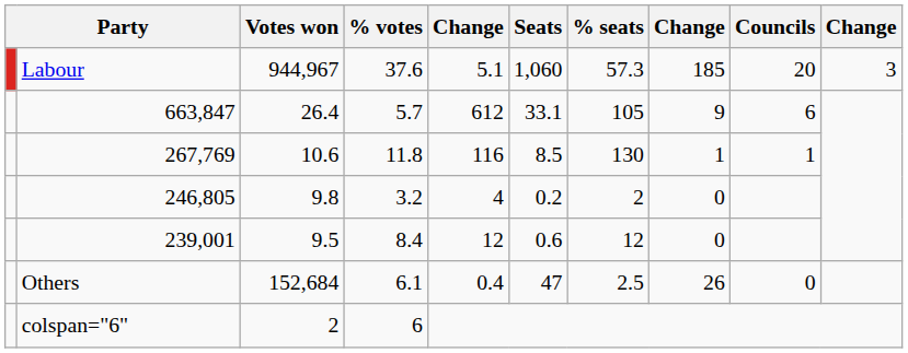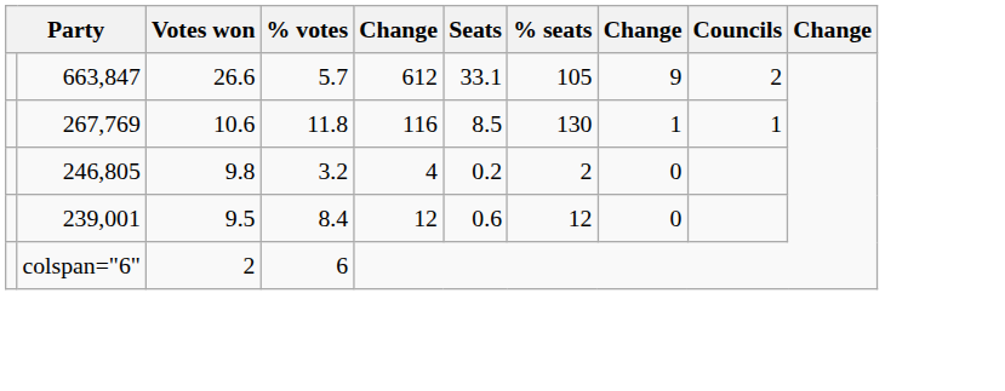 <table class="wikitable" style="font-size:95%;line-height:23px">
 <tr>
 <th colspan="2">Party</th>
 <th>Votes won</th>
 <th>% votes</th>
 <th>Change</th>
 <th>Seats</th>
 <th>% seats</th>
 <th>Change</th>
 <th>Councils</th>
 <th>Change</th>
 </tr>
 <tr>
-<td width="1" bgcolor=DC241f></td>
-<th style="text-align:left; font-weight:normal; background:#F9F9F9" colspan="1" width="150"><a href='#'>Labour</a></th>
-<td align="right">944,967</td>
-<td align="right">37.6</td>
-<td align="right">5.1</td>
-<td align="right">1,060</td>
-<td align="right">57.3</td>
-<td align="right">185</td>
-<td align="right">20</td>
-<td align="right">3</td>
-</tr>
-<tr>
 <td></td>
 <td align="right">663,847</td>
-<td align="right">26.4</td>
+<td align="right">26.6</td>
 <td align="right">5.7</td>
 <td align="right">612</td>
 <td align="right">33.1</td>
 <td align="right">105</td>
 <td align="right">9</td>
-<td align="right">6</td>
+<td align="right">2</td>
 </tr>
 <tr>
 <td></td>
 <td align="right">267,769</td>
 <td align="right">10.6</td>
 <td align="right">11.8</td>
 <td align="right">116</td>
 <td align="right">8.5</td>
 <td align="right">130</td>
 <td align="right">1</td>
 <td align="right">1</td>
 </tr>
 <tr>
 <td></td>
 <td align="right">246,805</td>
 <td align="right">9.8</td>
 <td align="right">3.2</td>
 <td align="right">4</td>
 <td align="right">0.2</td>
 <td align="right">2</td>
 <td align="right">0</td>
 <td align="right"></td>
 </tr>
 <tr>
 <td></td>
 <td align="right">239,001</td>
 <td align="right">9.5</td>
 <td align="right">8.4</td>
 <td align="right">12</td>
 <td align="right">0.6</td>
 <td align="right">12</td>
 <td align="right">0</td>
 <td align="right"></td>
 </tr>
 <tr>
 <td></td>
-<td style="text-align:left;">Others</td>
-<td align="right">152,684</td>
-<td align="right">6.1</td>
-<td align="right">0.4</td>
-<td align="right">47</td>
-<td align="right">2.5</td>
-<td align="right">26</td>
-<td align="right">0</td>
-<td align="right"></td>
-</tr>
-<tr>
-<td></td>
 <td>colspan="6"   </td>
 <td align="right">2</td>
 <td align="right">6</td>
 </tr>
 </table>
